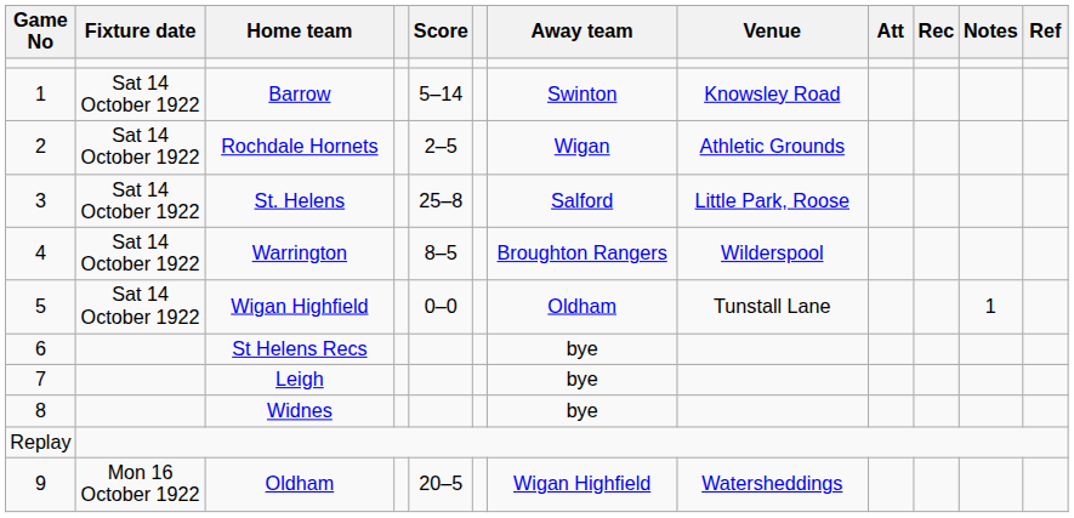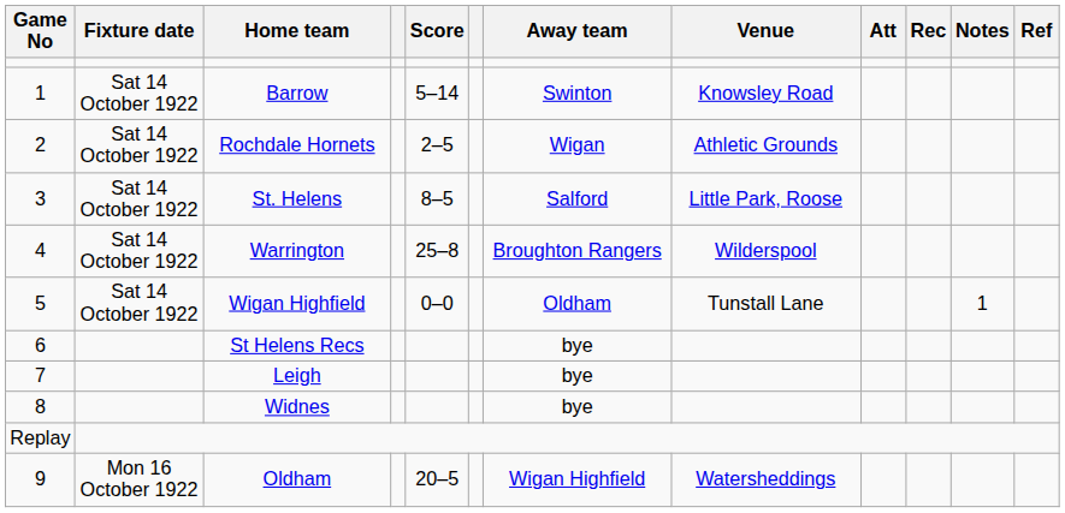 <table class="wikitable" style="text-align:center;">
 <tr>
 <th width=20 abbr="No">Game No</th>
 <th width=100 abbr="Date">Fixture date</th>
 <th width=150 abbr="Home team">Home team</th>
 <th width=5 abbr="space"></th>
 <th width=20 abbr="Score">Score</th>
 <th width=5 abbr="space"></th>
 <th width=150 abbr="Away team">Away team</th>
 <th width=150 abbr="Venue">Venue</th>
 <th width=30 abbr="Att">Att</th>
 <th width=30 abbr="Rec">Rec</th>
 <th width=20 abbr="Notes">Notes</th>
 <th width=30 abbr="Ref">Ref</th>
 </tr>
 <tr>
 <td></td>
 <td></td>
 <td></td>
 <td></td>
 <td></td>
 <td></td>
 <td></td>
 <td></td>
 <td></td>
 <td></td>
 <td></td>
 </tr>
 <tr>
 <td>1</td>
 <td>Sat 14 October 1922</td>
 <td><a href='#'>Barrow</a></td>
 <td></td>
 <td>5–14</td>
 <td></td>
 <td><a href='#'>Swinton</a></td>
 <td><a href='#'>Knowsley Road</a></td>
 <td></td>
 <td></td>
 <td></td>
 <td></td>
 </tr>
 <tr>
 <td>2</td>
 <td>Sat 14 October 1922</td>
 <td><a href='#'>Rochdale Hornets</a></td>
 <td></td>
 <td>2–5</td>
 <td></td>
 <td><a href='#'>Wigan</a></td>
 <td><a href='#'>Athletic Grounds</a></td>
 <td></td>
 <td></td>
 <td></td>
 <td></td>
 </tr>
 <tr>
 <td>3</td>
 <td>Sat 14 October 1922</td>
 <td><a href='#'>St. Helens</a></td>
 <td></td>
-<td>25–8</td>
+<td>8–5</td>
 <td></td>
 <td><a href='#'>Salford</a></td>
 <td><a href='#'>Little Park, Roose</a></td>
 <td></td>
 <td></td>
 <td></td>
 <td></td>
 </tr>
 <tr>
 <td>4</td>
 <td>Sat 14 October 1922</td>
 <td><a href='#'>Warrington</a></td>
 <td></td>
-<td>8–5</td>
+<td>25–8</td>
 <td></td>
 <td><a href='#'>Broughton Rangers</a></td>
 <td><a href='#'>Wilderspool</a></td>
 <td></td>
 <td></td>
 <td></td>
 <td></td>
 </tr>
 <tr>
 <td>5</td>
 <td>Sat 14 October 1922</td>
 <td><a href='#'>Wigan Highfield</a></td>
 <td></td>
 <td>0–0</td>
 <td></td>
 <td><a href='#'>Oldham</a></td>
 <td>Tunstall Lane</td>
 <td></td>
 <td></td>
 <td>1</td>
 <td></td>
 </tr>
 <tr>
 <td>6</td>
 <td></td>
 <td><a href='#'>St Helens Recs</a></td>
 <td></td>
 <td></td>
 <td></td>
 <td>bye</td>
 <td></td>
 <td></td>
 <td></td>
 <td></td>
 <td></td>
 </tr>
 <tr>
 <td>7</td>
 <td></td>
 <td><a href='#'>Leigh</a></td>
 <td></td>
 <td></td>
 <td></td>
 <td>bye</td>
 <td></td>
 <td></td>
 <td></td>
 <td></td>
 <td></td>
 </tr>
 <tr>
 <td>8</td>
 <td></td>
 <td><a href='#'>Widnes</a></td>
 <td></td>
 <td></td>
 <td></td>
 <td>bye</td>
 <td></td>
 <td></td>
 <td></td>
 <td></td>
 <td></td>
 </tr>
 <tr>
 <td colspan-9>Replay</td>
 </tr>
 <tr>
 <td>9</td>
 <td>Mon 16 October 1922</td>
 <td><a href='#'>Oldham</a></td>
 <td></td>
 <td>20–5</td>
 <td></td>
 <td><a href='#'>Wigan Highfield</a></td>
 <td><a href='#'>Watersheddings</a></td>
 <td></td>
 <td></td>
 <td></td>
 <td></td>
 </tr>
 </table>
